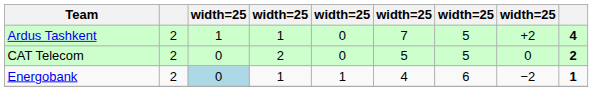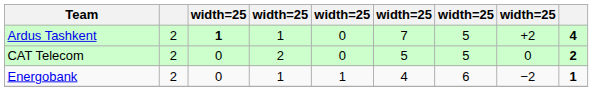 <table class="wikitable" style="text-align: center; font-size: 90%;">
 <tr>
 <th width="165">Team</th>
 <th width=25></th>
 <th>width=25</th>
 <th>width=25</th>
 <th>width=25</th>
 <th>width=25</th>
 <th>width=25</th>
 <th>width=25</th>
 <th width=25></th>
 </tr>
 <tr align=center bgcolor="ccffcc">
 <td style="text-align:left;"> <a href='#'>Ardus Tashkent</a></td>
 <td>2</td>
-<td>1</td>
+<td><strong>1</strong></td>
 <td>1</td>
 <td>0</td>
 <td>7</td>
 <td>5</td>
 <td>+2</td>
 <td><strong>4</strong></td>
 </tr>
 <tr align=center bgcolor="ccffcc">
 <td style="text-align:left;"> CAT Telecom</td>
 <td>2</td>
 <td>0</td>
 <td>2</td>
 <td>0</td>
 <td>5</td>
 <td>5</td>
 <td>0</td>
 <td><strong>2</strong></td>
 </tr>
 <tr align=center>
 <td style="text-align:left;"> <a href='#'>Energobank</a></td>
 <td>2</td>
-<td style="background: lightblue;">0</td>
+<td>0</td>
 <td>1</td>
 <td>1</td>
 <td>4</td>
 <td>6</td>
 <td>−2</td>
 <td><strong>1</strong></td>
 </tr>
 <tr>
 </tr>
 </table>
